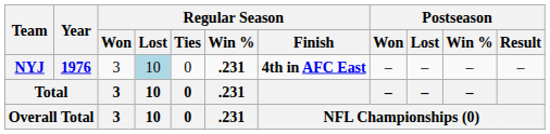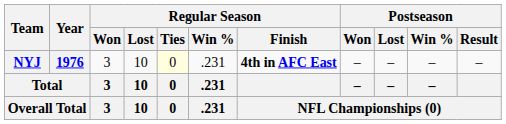 <table class="wikitable" style="font-size: 95%; text-align:center;">
 <tr>
 <th rowspan="2">Team</th>
 <th rowspan="2">Year</th>
 <th colspan="5">Regular Season</th>
 <th colspan="4">Postseason</th>
 </tr>
 <tr>
 <th>Won</th>
 <th>Lost</th>
 <th>Ties</th>
 <th>Win %</th>
 <th>Finish</th>
 <th>Won</th>
 <th>Lost</th>
 <th>Win %</th>
 <th>Result</th>
 </tr>
 <tr>
 <th><a href='#'>NYJ</a></th>
 <th><a href='#'>1976</a></th>
 <td>3</td>
-<td style="background: lightblue;">10</td>
-<td>0</td>
-<td><strong>.231</strong></td>
+<td>10</td>
+<td style="background: lightyellow;">0</td>
+<td>.231</td>
 <td><strong>4th in <a href='#'>AFC East</a></strong></td>
 <td>–</td>
 <td>–</td>
 <td>–</td>
 <td>–</td>
 </tr>
 <tr>
 <th colspan="2">Total</th>
 <th>3</th>
 <th>10</th>
 <th>0</th>
 <th>.231</th>
 <th></th>
 <th>–</th>
 <th>–</th>
 <th>–</th>
 <th></th>
 </tr>
 <tr>
 <th colspan="2">Overall Total</th>
 <th>3</th>
 <th>10</th>
 <th>0</th>
 <th>.231</th>
 <th colspan="5">NFL Championships (0)</th>
 </tr>
 </table>
